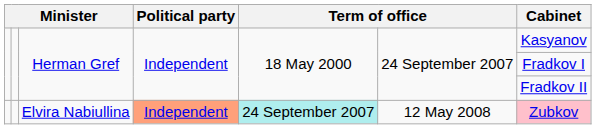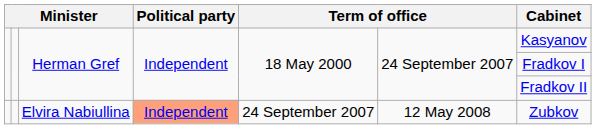 <table class="wikitable" style="text-align:center;">
 <tr>
 <th colspan=3>Minister</th>
 <th>Political party</th>
 <th colspan=2>Term of office</th>
 <th colspan=2>Cabinet</th>
 </tr>
 <tr>
 <td rowspan=3 style="background: "></td>
 <td rowspan=3></td>
 <td rowspan=3><a href='#'>Herman Gref</a></td>
 <td rowspan=3><a href='#'>Independent</a></td>
 <td rowspan=3>18 May 2000</td>
 <td rowspan=3>24 September 2007</td>
 <td><a href='#'>Kasyanov</a></td>
 </tr>
 <tr>
 <td><a href='#'>Fradkov I</a></td>
 </tr>
 <tr>
 <td><a href='#'>Fradkov II</a></td>
 </tr>
 <tr>
 <td style="background: "></td>
 <td></td>
 <td><a href='#'>Elvira Nabiullina</a></td>
 <td style="background: lightsalmon;"><a href='#'>Independent</a></td>
-<td style="background: paleturquoise;">24 September 2007</td>
+<td>24 September 2007</td>
 <td>12 May 2008</td>
-<td style="background: pink;"><a href='#'>Zubkov</a></td>
+<td><a href='#'>Zubkov</a></td>
 </tr>
 </table>
